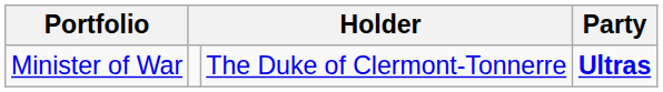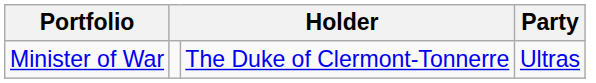 <table class="wikitable">
 <tr>
 <th>Portfolio</th>
 <th colspan=2>Holder</th>
 <th>Party</th>
 </tr>
 <tr>
 <td><a href='#'>Minister of War</a></td>
 <td style="background:"></td>
 <td><a href='#'>The Duke of Clermont-Tonnerre</a></td>
-<td><strong><a href='#'>Ultras</a></strong></td>
+<td><a href='#'>Ultras</a></td>
 </tr>
 </table>
